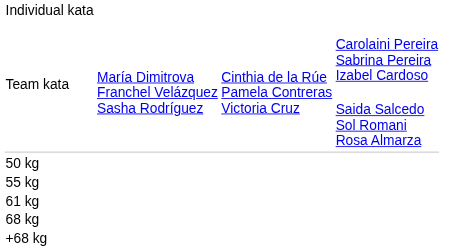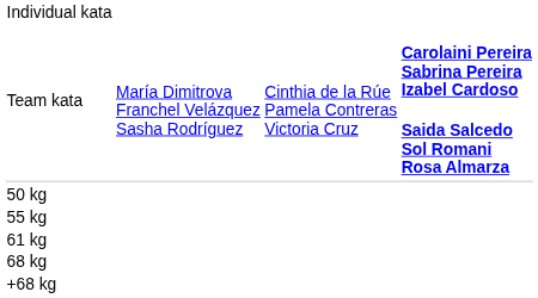 <table>
 <tr>
 <td rowspan=2>Individual kata<br></td>
 <td rowspan=2></td>
 <td rowspan=2></td>
 <td></td>
 </tr>
 <tr>
 <td></td>
 </tr>
 <tr>
 <td rowspan=2>Team kata<br></td>
 <td rowspan=2><br><a href='#'>María Dimitrova</a><br><a href='#'>Franchel Velázquez</a><br><a href='#'>Sasha Rodríguez</a></td>
 <td rowspan=2><br><a href='#'>Cinthia de la Rúe</a><br><a href='#'>Pamela Contreras</a><br><a href='#'>Victoria Cruz</a></td>
-<td><br><a href='#'>Carolaini Pereira</a><br><a href='#'>Sabrina Pereira</a><br><a href='#'>Izabel Cardoso</a></td>
+<td><strong><br><a href='#'>Carolaini Pereira</a><br><a href='#'>Sabrina Pereira</a><br><a href='#'>Izabel Cardoso</a></strong></td>
 </tr>
 <tr>
-<td><br><a href='#'>Saida Salcedo</a><br><a href='#'>Sol Romani</a><br><a href='#'>Rosa Almarza</a></td>
+<td><strong><br><a href='#'>Saida Salcedo</a><br><a href='#'>Sol Romani</a><br><a href='#'>Rosa Almarza</a></strong></td>
 </tr>
 <tr bgcolor=#DDDDDD>
 <td colspan=7></td>
 </tr>
 <tr>
 <td rowspan=2>50 kg<br></td>
 <td rowspan=2></td>
 <td rowspan=2></td>
 <td></td>
 </tr>
 <tr>
 <td></td>
 </tr>
 <tr>
 <td rowspan=2>55 kg<br></td>
 <td rowspan=2></td>
 <td rowspan=2></td>
 <td></td>
 </tr>
 <tr>
 <td></td>
 </tr>
 <tr>
 <td rowspan=2>61 kg<br></td>
 <td rowspan=2></td>
 <td rowspan=2></td>
 <td></td>
 </tr>
 <tr>
 <td></td>
 </tr>
 <tr>
 <td rowspan=2>68 kg<br></td>
 <td rowspan=2></td>
 <td rowspan=2></td>
 <td></td>
 </tr>
 <tr>
 <td></td>
 </tr>
 <tr>
 <td rowspan=2>+68 kg<br></td>
 <td rowspan=2></td>
 <td rowspan=2></td>
 <td></td>
 </tr>
 <tr>
 <td></td>
 </tr>
 </table>
